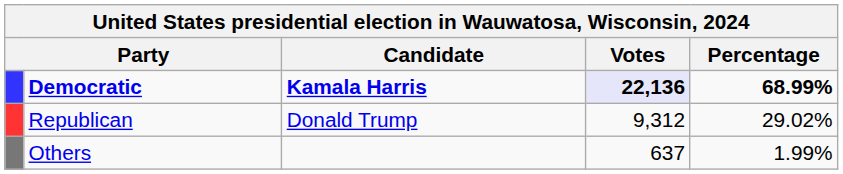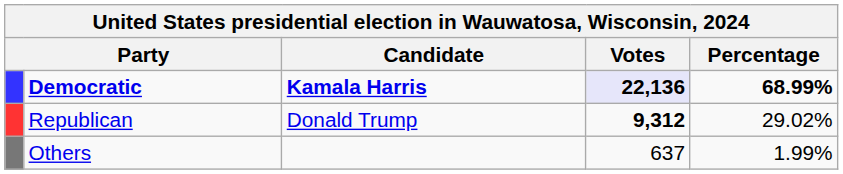 <table class="wikitable" style="font-size:95%;">
 <tr>
 <th colspan="7">United States presidential election in Wauwatosa, Wisconsin, 2024</th>
 </tr>
 <tr>
 <th colspan="2" style="width: 15em">Party</th>
 <th style="width: 17em">Candidate</th>
 <th style="width: 5em">Votes</th>
 <th style="width: 7em">Percentage</th>
 </tr>
 <tr>
 <th style="background:#33f; width:3px;"></th>
 <td style="width: 130px"><strong><a href='#'>Democratic</a></strong></td>
 <td><strong><a href='#'>Kamala Harris</a></strong></td>
 <td style="background: lavender; text-align:right;"><strong>22,136</strong></td>
 <td style="text-align:right;"><strong>68.99%</strong></td>
 </tr>
 <tr>
 <th style="background:#f33; width:3px;"></th>
 <td style="width: 130px"><a href='#'>Republican</a></td>
 <td><a href='#'>Donald Trump</a></td>
-<td style="text-align:right;">9,312</td>
+<td style="text-align:right;"><strong>9,312</strong></td>
 <td style="text-align:right;">29.02%</td>
 </tr>
 <tr>
 <th style="background:#777; width:3px;"></th>
 <td style="width: 130px"><a href='#'>Others</a></td>
 <td></td>
 <td style="text-align:right;">637</td>
 <td style="text-align:right;">1.99%</td>
 </tr>
 </table>
